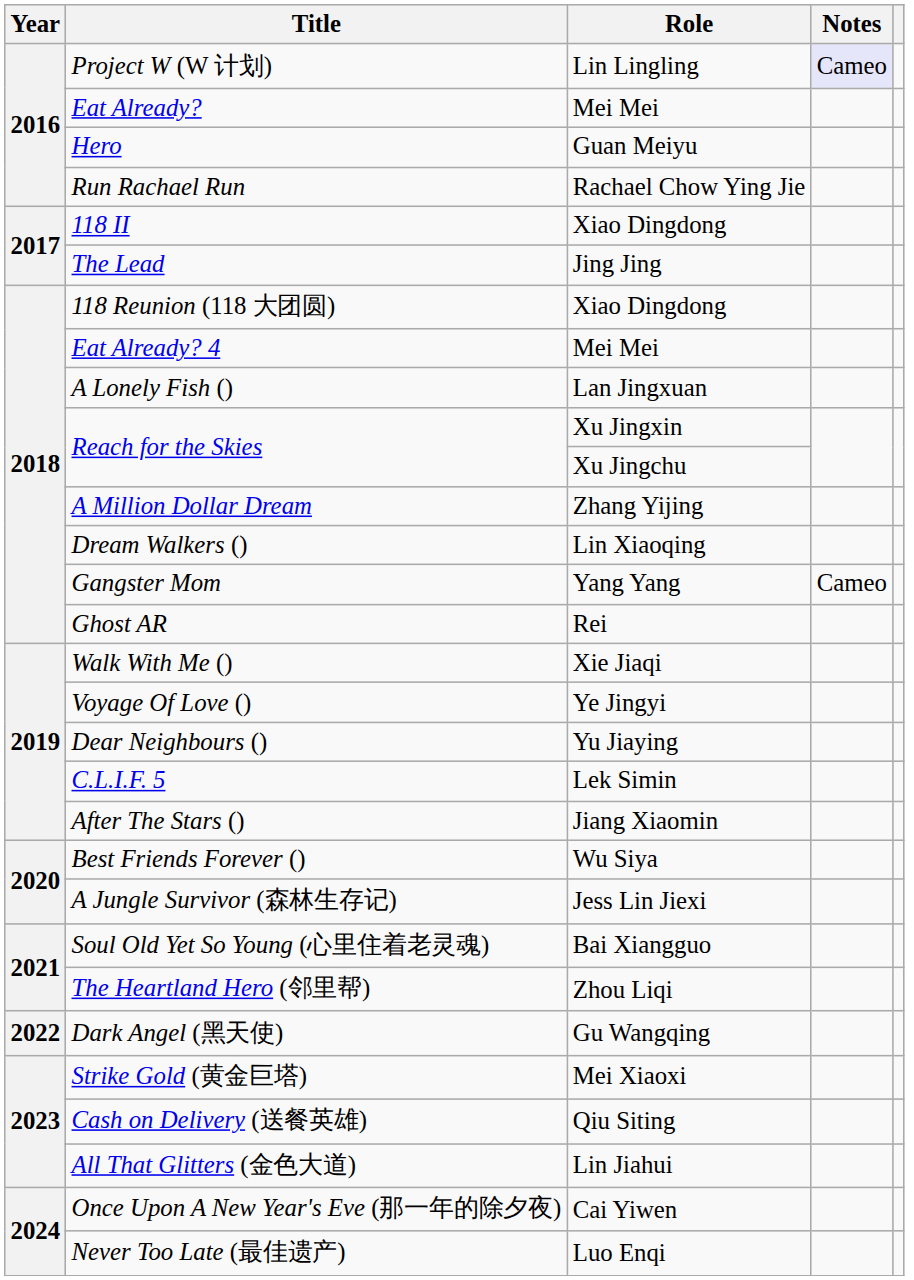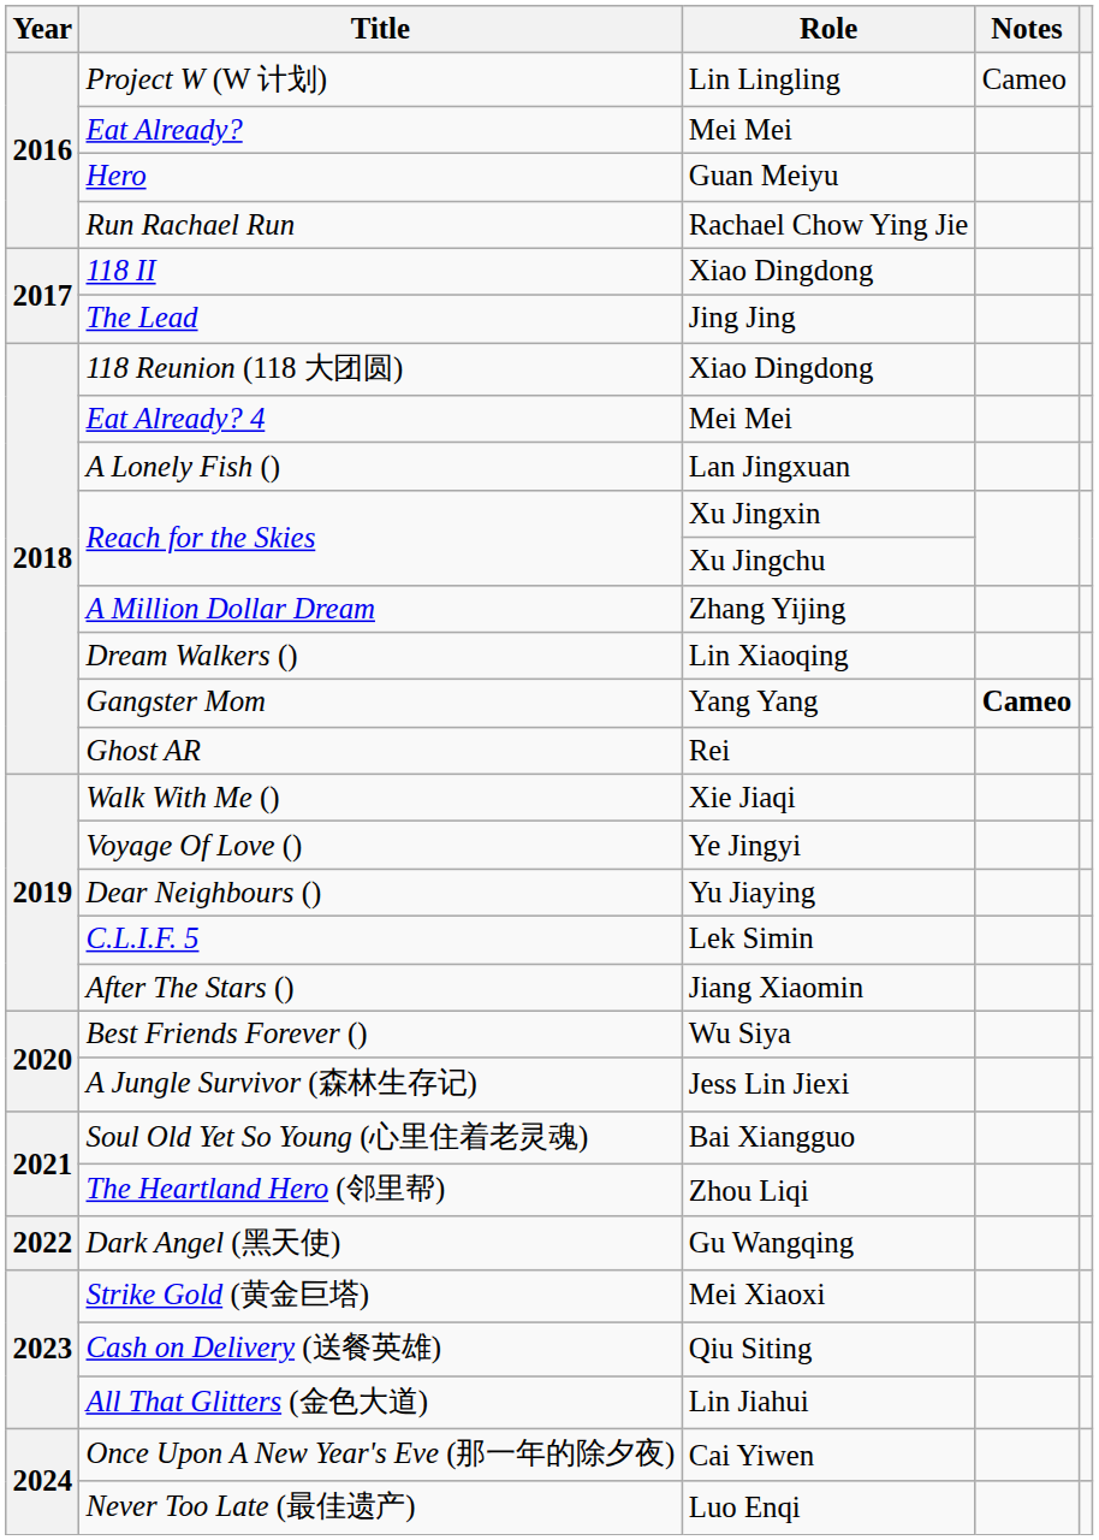 <table class="wikitable sortable plainrowheaders">
 <tr>
 <th scope="col">Year</th>
 <th scope="col">Title</th>
 <th scope="col">Role</th>
 <th scope="col" class="unsortable">Notes</th>
 <th scope="col" class="unsortable"></th>
 </tr>
 <tr>
 <th scope="row" rowspan="4">2016</th>
 <td><em>Project W</em> (W 计划)</td>
 <td>Lin Lingling</td>
-<td style="background: lavender;">Cameo</td>
+<td>Cameo</td>
 <td></td>
 </tr>
 <tr>
 <td><em><a href='#'>Eat Already?</a></em></td>
 <td>Mei Mei</td>
 <td></td>
 <td></td>
 </tr>
 <tr>
 <td><em><a href='#'>Hero</a></em></td>
 <td>Guan Meiyu</td>
 <td></td>
 <td></td>
 </tr>
 <tr>
 <td><em>Run Rachael Run</em></td>
 <td>Rachael Chow Ying Jie</td>
 <td></td>
 <td></td>
 </tr>
 <tr>
 <th scope="row" rowspan="2">2017</th>
 <td><em><a href='#'>118 II</a></em></td>
 <td>Xiao Dingdong</td>
 <td></td>
 <td></td>
 </tr>
 <tr>
 <td><em><a href='#'>The Lead</a></em></td>
 <td>Jing Jing</td>
 <td></td>
 <td></td>
 </tr>
 <tr>
 <th scope="row" rowspan="9">2018</th>
 <td><em>118 Reunion</em>  (118 大团圆)</td>
 <td>Xiao Dingdong</td>
 <td></td>
 <td></td>
 </tr>
 <tr>
 <td><em><a href='#'>Eat Already? 4</a></em></td>
 <td>Mei Mei</td>
 <td></td>
 <td></td>
 </tr>
 <tr>
 <td><em>A Lonely Fish</em>  ()</td>
 <td>Lan Jingxuan</td>
 <td></td>
 <td></td>
 </tr>
 <tr>
 <td rowspan="2"><em><a href='#'>Reach for the Skies</a></em></td>
 <td>Xu Jingxin</td>
 <td rowspan="2"></td>
 <td rowspan="2"></td>
 </tr>
 <tr>
 <td>Xu Jingchu</td>
 </tr>
 <tr>
 <td><em><a href='#'>A Million Dollar Dream</a></em></td>
 <td>Zhang Yijing</td>
 <td></td>
 <td></td>
 </tr>
 <tr>
 <td><em>Dream Walkers</em> ()</td>
 <td>Lin Xiaoqing</td>
 <td></td>
 <td></td>
 </tr>
 <tr>
 <td><em>Gangster Mom</em></td>
 <td>Yang Yang</td>
-<td>Cameo</td>
+<td><strong>Cameo</strong></td>
 <td></td>
 </tr>
 <tr>
 <td><em>Ghost AR</em></td>
 <td>Rei</td>
 <td></td>
 <td></td>
 </tr>
 <tr>
 <th scope="row" rowspan="5">2019</th>
 <td><em>Walk With Me</em> ()</td>
 <td>Xie Jiaqi</td>
 <td></td>
 <td></td>
 </tr>
 <tr>
 <td><em>Voyage Of Love</em>  ()</td>
 <td>Ye Jingyi</td>
 <td></td>
 <td></td>
 </tr>
 <tr>
 <td><em>Dear Neighbours</em>  ()</td>
 <td>Yu Jiaying</td>
 <td></td>
 <td></td>
 </tr>
 <tr>
 <td><em><a href='#'>C.L.I.F. 5</a></em></td>
 <td>Lek Simin</td>
 <td></td>
 <td></td>
 </tr>
 <tr>
 <td><em>After The Stars</em>  ()</td>
 <td>Jiang Xiaomin</td>
 <td></td>
 <td></td>
 </tr>
 <tr>
 <th scope="row" rowspan="2">2020</th>
 <td><em>Best Friends Forever</em> ()</td>
 <td>Wu Siya</td>
 <td></td>
 <td></td>
 </tr>
 <tr>
 <td><em>A Jungle Survivor</em> (森林生存记)</td>
 <td>Jess Lin Jiexi</td>
 <td></td>
 <td></td>
 </tr>
 <tr>
 <th scope="row" rowspan="2">2021</th>
 <td><em>Soul Old Yet So Young</em> (心里住着老灵魂)</td>
 <td>Bai Xiangguo</td>
 <td></td>
 <td></td>
 </tr>
 <tr>
 <td><em><a href='#'>The Heartland Hero</a></em>  (邻里帮)</td>
 <td>Zhou Liqi</td>
 <td></td>
 <td></td>
 </tr>
 <tr>
 <th scope="row">2022</th>
 <td><em>Dark Angel</em> (黑天使)</td>
 <td>Gu Wangqing</td>
 <td></td>
 <td></td>
 </tr>
 <tr>
 <th scope="row" rowspan="3">2023</th>
 <td><em><a href='#'>Strike Gold</a></em> (黄金巨塔)</td>
 <td>Mei Xiaoxi</td>
 <td></td>
 <td></td>
 </tr>
 <tr>
 <td><em><a href='#'>Cash on Delivery</a></em>  (送餐英雄)</td>
 <td>Qiu Siting</td>
 <td></td>
 <td></td>
 </tr>
 <tr>
 <td><em><a href='#'>All That Glitters</a></em>  (金色大道)</td>
 <td>Lin Jiahui</td>
 <td></td>
 <td></td>
 </tr>
 <tr>
 <th scope="row" rowspan="4">2024</th>
 <td><em>Once Upon A New Year's Eve</em> (那一年的除夕夜)</td>
 <td>Cai Yiwen</td>
 <td></td>
 <td></td>
 </tr>
 <tr>
 <td><em>Never Too Late</em>  (最佳遗产)</td>
 <td>Luo Enqi</td>
 <td></td>
 <td></td>
 </tr>
 </table>
